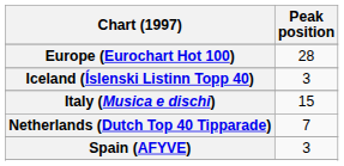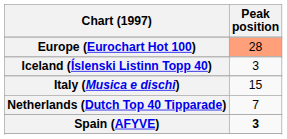 <table class="wikitable sortable plainrowheaders" style="text-align:center">
 <tr>
 <th>Chart (1997)</th>
 <th>Peak<br>position</th>
 </tr>
 <tr>
 </tr>
 <tr>
 </tr>
 <tr>
 </tr>
 <tr>
 </tr>
 <tr>
 </tr>
 <tr>
 <th scope="row">Europe (<a href='#'>Eurochart Hot 100</a>)</th>
-<td>28</td>
+<td style="background: lightsalmon;">28</td>
 </tr>
 <tr>
 </tr>
 <tr>
 </tr>
 <tr>
 </tr>
 <tr>
 <th scope="row">Iceland (<a href='#'>Íslenski Listinn Topp 40</a>)</th>
 <td>3</td>
 </tr>
 <tr>
 </tr>
 <tr>
 <th scope="row">Italy (<em><a href='#'>Musica e dischi</a></em>)</th>
 <td>15</td>
 </tr>
 <tr>
 <th scope="row">Netherlands (<a href='#'>Dutch Top 40 Tipparade</a>)</th>
 <td>7</td>
 </tr>
 <tr>
 </tr>
 <tr>
 </tr>
 <tr>
 </tr>
 <tr>
 </tr>
 <tr>
 <th scope="row">Spain (<a href='#'>AFYVE</a>)</th>
-<td>3</td>
+<td><strong>3</strong></td>
 </tr>
 <tr>
 </tr>
 <tr>
 </tr>
 <tr>
 </tr>
 <tr>
 </tr>
 <tr>
 </tr>
 <tr>
 </tr>
 <tr>
 </tr>
 <tr>
 </tr>
 </table>
